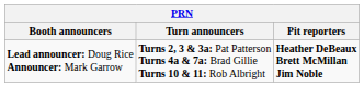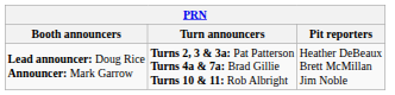 <table class="wikitable" style="font-size: 95%;">
 <tr>
 <th colspan="3"><a href='#'>PRN</a></th>
 </tr>
 <tr>
 <th>Booth announcers</th>
 <th>Turn announcers</th>
 <th>Pit reporters</th>
 </tr>
 <tr>
 <td><strong>Lead announcer:</strong> Doug Rice<br><strong>Announcer:</strong> Mark Garrow</td>
 <td><strong>Turns 2, 3 & 3a:</strong> Pat Patterson<br><strong>Turns 4a & 7a:</strong> Brad Gillie<br><strong>Turns 10 & 11:</strong> Rob Albright</td>
-<td><strong>Heather DeBeaux<br>Brett McMillan<br>Jim Noble</strong></td>
+<td>Heather DeBeaux<br>Brett McMillan<br>Jim Noble</td>
 </tr>
 </table>
